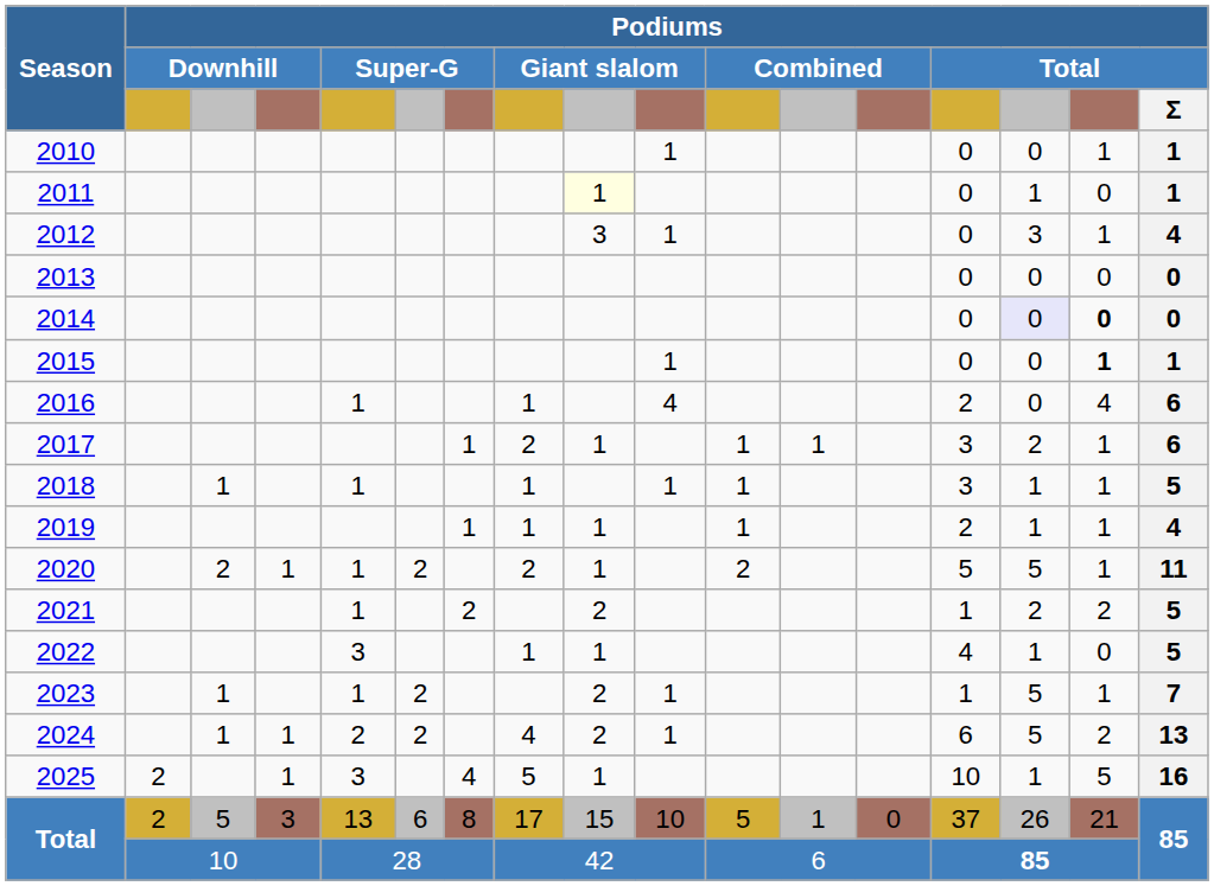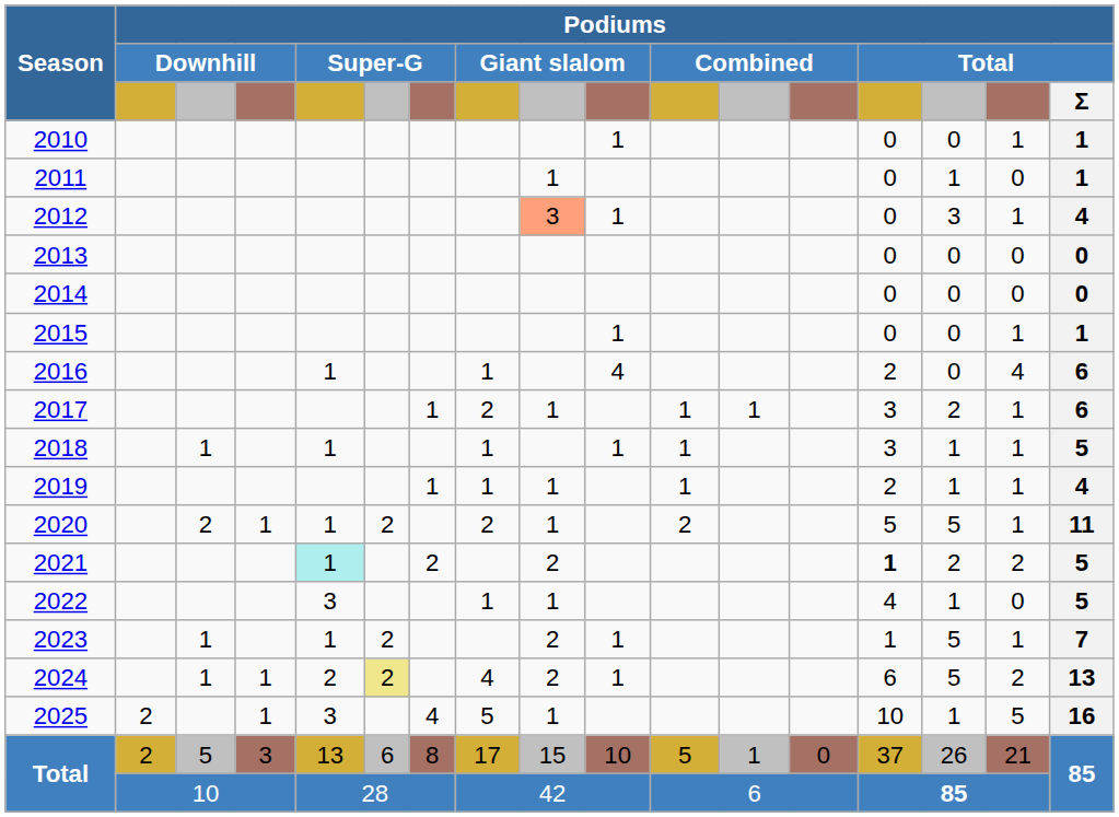 <table class="wikitable" style="font-size:95%; text-align:center; border:grey solid 1px; border-collapse:collapse;" width="55%">
 <tr style="background-color:#369; color:white;">
 <td rowspan="3" colspan="1" width="10%"><strong>Season</strong></td>
 <td colspan="16"><strong>Podiums</strong></td>
 </tr>
 <tr style="background-color:#4180be; color:white;">
 <th style="background:#4180be;" width="300" colspan="3">Downhill</th>
 <th style="background:#4180be;" width="300" colspan="3">Super-G</th>
 <th style="background:#4180be;" width="350" colspan="3">Giant slalom</th>
 <th style="background:#4180be;" width="350" colspan="3">Combined</th>
 <th style="background:#4180be;" width="450" colspan="4">Total</th>
 </tr>
 <tr>
 <td align="center" bgcolor="#d4af37"></td>
 <td align="center" bgcolor="silver"></td>
 <td align="center" bgcolor="#a57164"></td>
 <td align="center" bgcolor="#d4af37"></td>
 <td align="center" bgcolor="silver"></td>
 <td align="center" bgcolor="#a57164"></td>
 <td align="center" bgcolor="#d4af37"></td>
 <td align="center" bgcolor="silver"></td>
 <td align="center" bgcolor="#a57164"></td>
 <td align="center" bgcolor="#d4af37"></td>
 <td align="center" bgcolor="silver"></td>
 <td align="center" bgcolor="#a57164"></td>
 <td align="center" bgcolor="#d4af37"></td>
 <td align="center" bgcolor="silver"></td>
 <td align="center" bgcolor="#a57164"></td>
 <th>Σ</th>
 </tr>
 <tr>
 <td align="center"><a href='#'>2010</a></td>
 <td></td>
 <td></td>
 <td></td>
 <td></td>
 <td></td>
 <td></td>
 <td></td>
 <td></td>
 <td>1</td>
 <td></td>
 <td></td>
 <td></td>
 <td>0</td>
 <td>0</td>
 <td>1</td>
 <th>1</th>
 </tr>
 <tr>
 <td align="center"><a href='#'>2011</a></td>
 <td></td>
 <td></td>
 <td></td>
 <td></td>
 <td></td>
 <td></td>
 <td></td>
-<td style="background: lightyellow;">1</td>
+<td>1</td>
 <td></td>
 <td></td>
 <td></td>
 <td></td>
 <td>0</td>
 <td>1</td>
 <td>0</td>
 <th>1</th>
 </tr>
 <tr>
 <td align="center"><a href='#'>2012</a></td>
 <td></td>
 <td></td>
 <td></td>
 <td></td>
 <td></td>
 <td></td>
 <td></td>
-<td>3</td>
+<td style="background: lightsalmon;">3</td>
 <td>1</td>
 <td></td>
 <td></td>
 <td></td>
 <td>0</td>
 <td>3</td>
 <td>1</td>
 <th>4</th>
 </tr>
 <tr>
 <td align="center"><a href='#'>2013</a></td>
 <td></td>
 <td></td>
 <td></td>
 <td></td>
 <td></td>
 <td></td>
 <td></td>
 <td></td>
 <td></td>
 <td></td>
 <td></td>
 <td></td>
 <td>0</td>
 <td>0</td>
 <td>0</td>
 <th>0</th>
 </tr>
 <tr>
 <td align="center"><a href='#'>2014</a></td>
 <td></td>
 <td></td>
 <td></td>
 <td></td>
 <td></td>
 <td></td>
 <td></td>
 <td></td>
 <td></td>
 <td></td>
 <td></td>
 <td></td>
 <td>0</td>
-<td style="background: lavender;">0</td>
-<td><strong>0</strong></td>
+<td>0</td>
+<td>0</td>
 <th>0</th>
 </tr>
 <tr>
 <td align="center"><a href='#'>2015</a></td>
 <td></td>
 <td></td>
 <td></td>
 <td></td>
 <td></td>
 <td></td>
 <td></td>
 <td></td>
 <td>1</td>
 <td></td>
 <td></td>
 <td></td>
 <td>0</td>
 <td>0</td>
-<td><strong>1</strong></td>
+<td>1</td>
 <th>1</th>
 </tr>
 <tr>
 <td align="center"><a href='#'>2016</a></td>
 <td></td>
 <td></td>
 <td></td>
 <td>1</td>
 <td></td>
 <td></td>
 <td>1</td>
 <td></td>
 <td>4</td>
 <td></td>
 <td></td>
 <td></td>
 <td>2</td>
 <td>0</td>
 <td>4</td>
 <th>6</th>
 </tr>
 <tr>
 <td align="center"><a href='#'>2017</a></td>
 <td></td>
 <td></td>
 <td></td>
 <td></td>
 <td></td>
 <td>1</td>
 <td>2</td>
 <td>1</td>
 <td></td>
 <td>1</td>
 <td>1</td>
 <td></td>
 <td>3</td>
 <td>2</td>
 <td>1</td>
 <th>6</th>
 </tr>
 <tr>
 <td align="center"><a href='#'>2018</a></td>
 <td></td>
 <td>1</td>
 <td></td>
 <td>1</td>
 <td></td>
 <td></td>
 <td>1</td>
 <td></td>
 <td>1</td>
 <td>1</td>
 <td></td>
 <td></td>
 <td>3</td>
 <td>1</td>
 <td>1</td>
 <th>5</th>
 </tr>
 <tr>
 <td align="center"><a href='#'>2019</a></td>
 <td></td>
 <td></td>
 <td></td>
 <td></td>
 <td></td>
 <td>1</td>
 <td>1</td>
 <td>1</td>
 <td></td>
 <td>1</td>
 <td></td>
 <td></td>
 <td>2</td>
 <td>1</td>
 <td>1</td>
 <th>4</th>
 </tr>
 <tr>
 <td align="center"><a href='#'>2020</a></td>
 <td></td>
 <td>2</td>
 <td>1</td>
 <td>1</td>
 <td>2</td>
 <td></td>
 <td>2</td>
 <td>1</td>
 <td></td>
 <td>2</td>
 <td></td>
 <td></td>
 <td>5</td>
 <td>5</td>
 <td>1</td>
 <th>11</th>
 </tr>
 <tr>
 <td align="center"><a href='#'>2021</a></td>
 <td></td>
 <td></td>
 <td></td>
-<td>1</td>
+<td style="background: paleturquoise;">1</td>
 <td></td>
 <td>2</td>
 <td></td>
 <td>2</td>
 <td></td>
 <td></td>
 <td></td>
 <td></td>
-<td>1</td>
+<td><strong>1</strong></td>
 <td>2</td>
 <td>2</td>
 <th>5</th>
 </tr>
 <tr>
 <td align="center"><a href='#'>2022</a></td>
 <td></td>
 <td></td>
 <td></td>
 <td>3</td>
 <td></td>
 <td></td>
 <td>1</td>
 <td>1</td>
 <td></td>
 <td></td>
 <td></td>
 <td></td>
 <td>4</td>
 <td>1</td>
 <td>0</td>
 <th>5</th>
 </tr>
 <tr>
 <td align="center"><a href='#'>2023</a></td>
 <td></td>
 <td>1</td>
 <td></td>
 <td>1</td>
 <td>2</td>
 <td></td>
 <td></td>
 <td>2</td>
 <td>1</td>
 <td></td>
 <td></td>
 <td></td>
 <td>1</td>
 <td>5</td>
 <td>1</td>
 <th>7</th>
 </tr>
 <tr>
 <td align="center"><a href='#'>2024</a></td>
 <td></td>
 <td>1</td>
 <td>1</td>
 <td>2</td>
-<td>2</td>
+<td style="background: khaki;">2</td>
 <td></td>
 <td>4</td>
 <td>2</td>
 <td>1</td>
 <td></td>
 <td></td>
 <td></td>
 <td>6</td>
 <td>5</td>
 <td>2</td>
 <th>13</th>
 </tr>
 <tr>
 <td align="center"><a href='#'>2025</a></td>
 <td>2</td>
 <td></td>
 <td>1</td>
 <td>3</td>
 <td></td>
 <td>4</td>
 <td>5</td>
 <td>1</td>
 <td></td>
 <td></td>
 <td></td>
 <td></td>
 <td>10</td>
 <td>1</td>
 <td>5</td>
 <th>16</th>
 </tr>
 <tr>
 <td rowspan="2" style="background-color:#4180be; color:white; width=100;"><strong>Total </strong></td>
 <td bgcolor="#d4af37">2</td>
 <td bgcolor="silver">5</td>
 <td bgcolor="#a57164">3</td>
 <td bgcolor="#d4af37">13</td>
 <td bgcolor="silver">6</td>
 <td bgcolor="#a57164">8</td>
 <td bgcolor="#d4af37">17</td>
 <td bgcolor="silver">15</td>
 <td bgcolor="#a57164">10</td>
 <td bgcolor="#d4af37">5</td>
 <td bgcolor="silver">1</td>
 <td bgcolor="#a57164">0</td>
 <td bgcolor="#d4af37">37</td>
 <td bgcolor="silver">26</td>
 <td bgcolor="#a57164">21</td>
 <td rowspan="2" style="background-color:#4180be; color:white; width=100;"><strong>85</strong></td>
 </tr>
 <tr>
 <td style="background-color:#4180be; color:white; width=100;" colspan="3">10</td>
 <td style="background-color:#4180be; color:white; width=100;" colspan="3">28</td>
 <td style="background-color:#4180be; color:white; width=100;" colspan="3">42</td>
 <td style="background-color:#4180be; color:white; width=100;" colspan="3">6</td>
 <td style="background-color:#4180be; color:white; width=100;" colspan="3"><strong>85</strong></td>
 </tr>
 </table>
